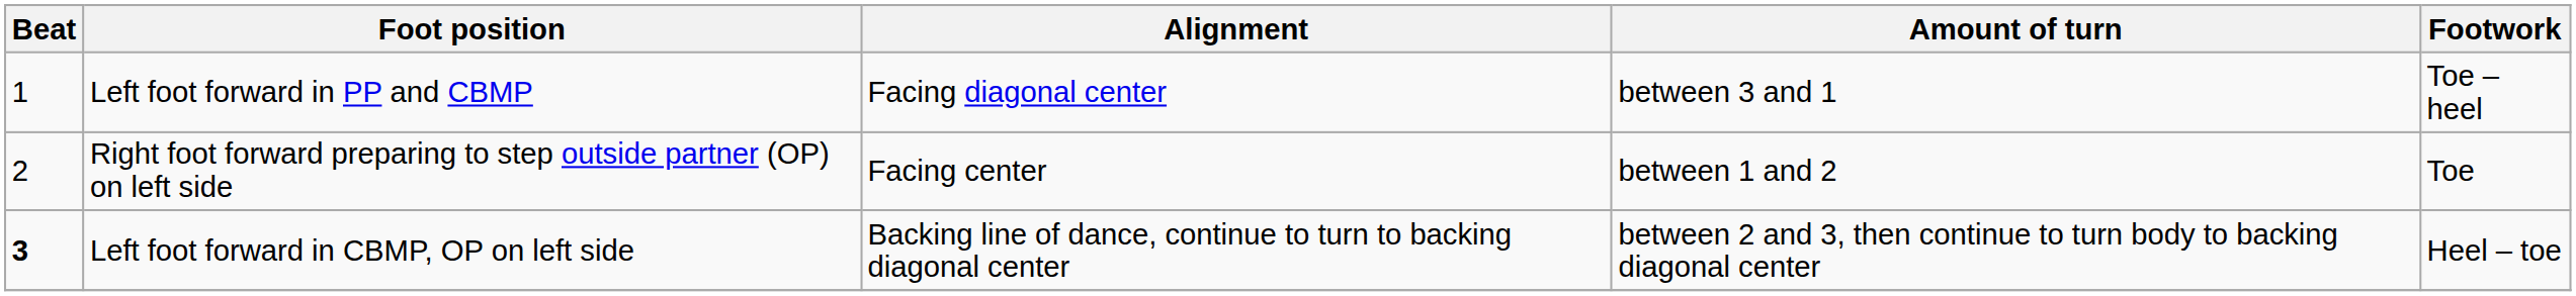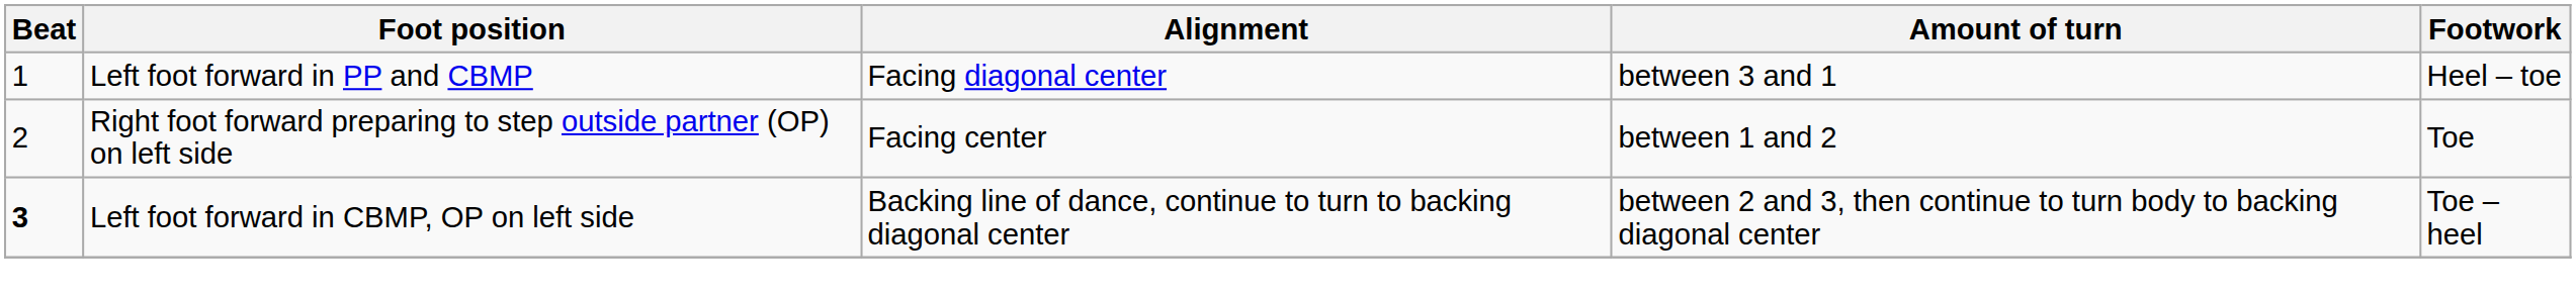 <table class="wikitable" style="font-size:90%;">
 <tr>
 <th>Beat</th>
 <th>Foot position</th>
 <th>Alignment</th>
 <th>Amount of turn</th>
 <th>Footwork</th>
 </tr>
 <tr>
 <td>1</td>
 <td>Left foot forward in <a href='#'>PP</a> and <a href='#'>CBMP</a></td>
 <td>Facing <a href='#'>diagonal center</a></td>
 <td> between 3 and 1</td>
-<td>Toe – heel</td>
+<td>Heel – toe</td>
 </tr>
 <tr>
 <td>2</td>
 <td>Right foot forward preparing to step <a href='#'>outside partner</a> (OP) on left side</td>
 <td>Facing center</td>
 <td> between 1 and 2</td>
 <td>Toe</td>
 </tr>
 <tr>
 <td><strong>3</strong></td>
 <td>Left foot forward in CBMP, OP on left side</td>
 <td>Backing line of dance, continue to turn to backing diagonal center</td>
 <td> between 2 and 3, then continue to turn body to backing diagonal center</td>
-<td>Heel – toe</td>
+<td>Toe – heel</td>
 </tr>
 <tr>
 </tr>
 </table>
